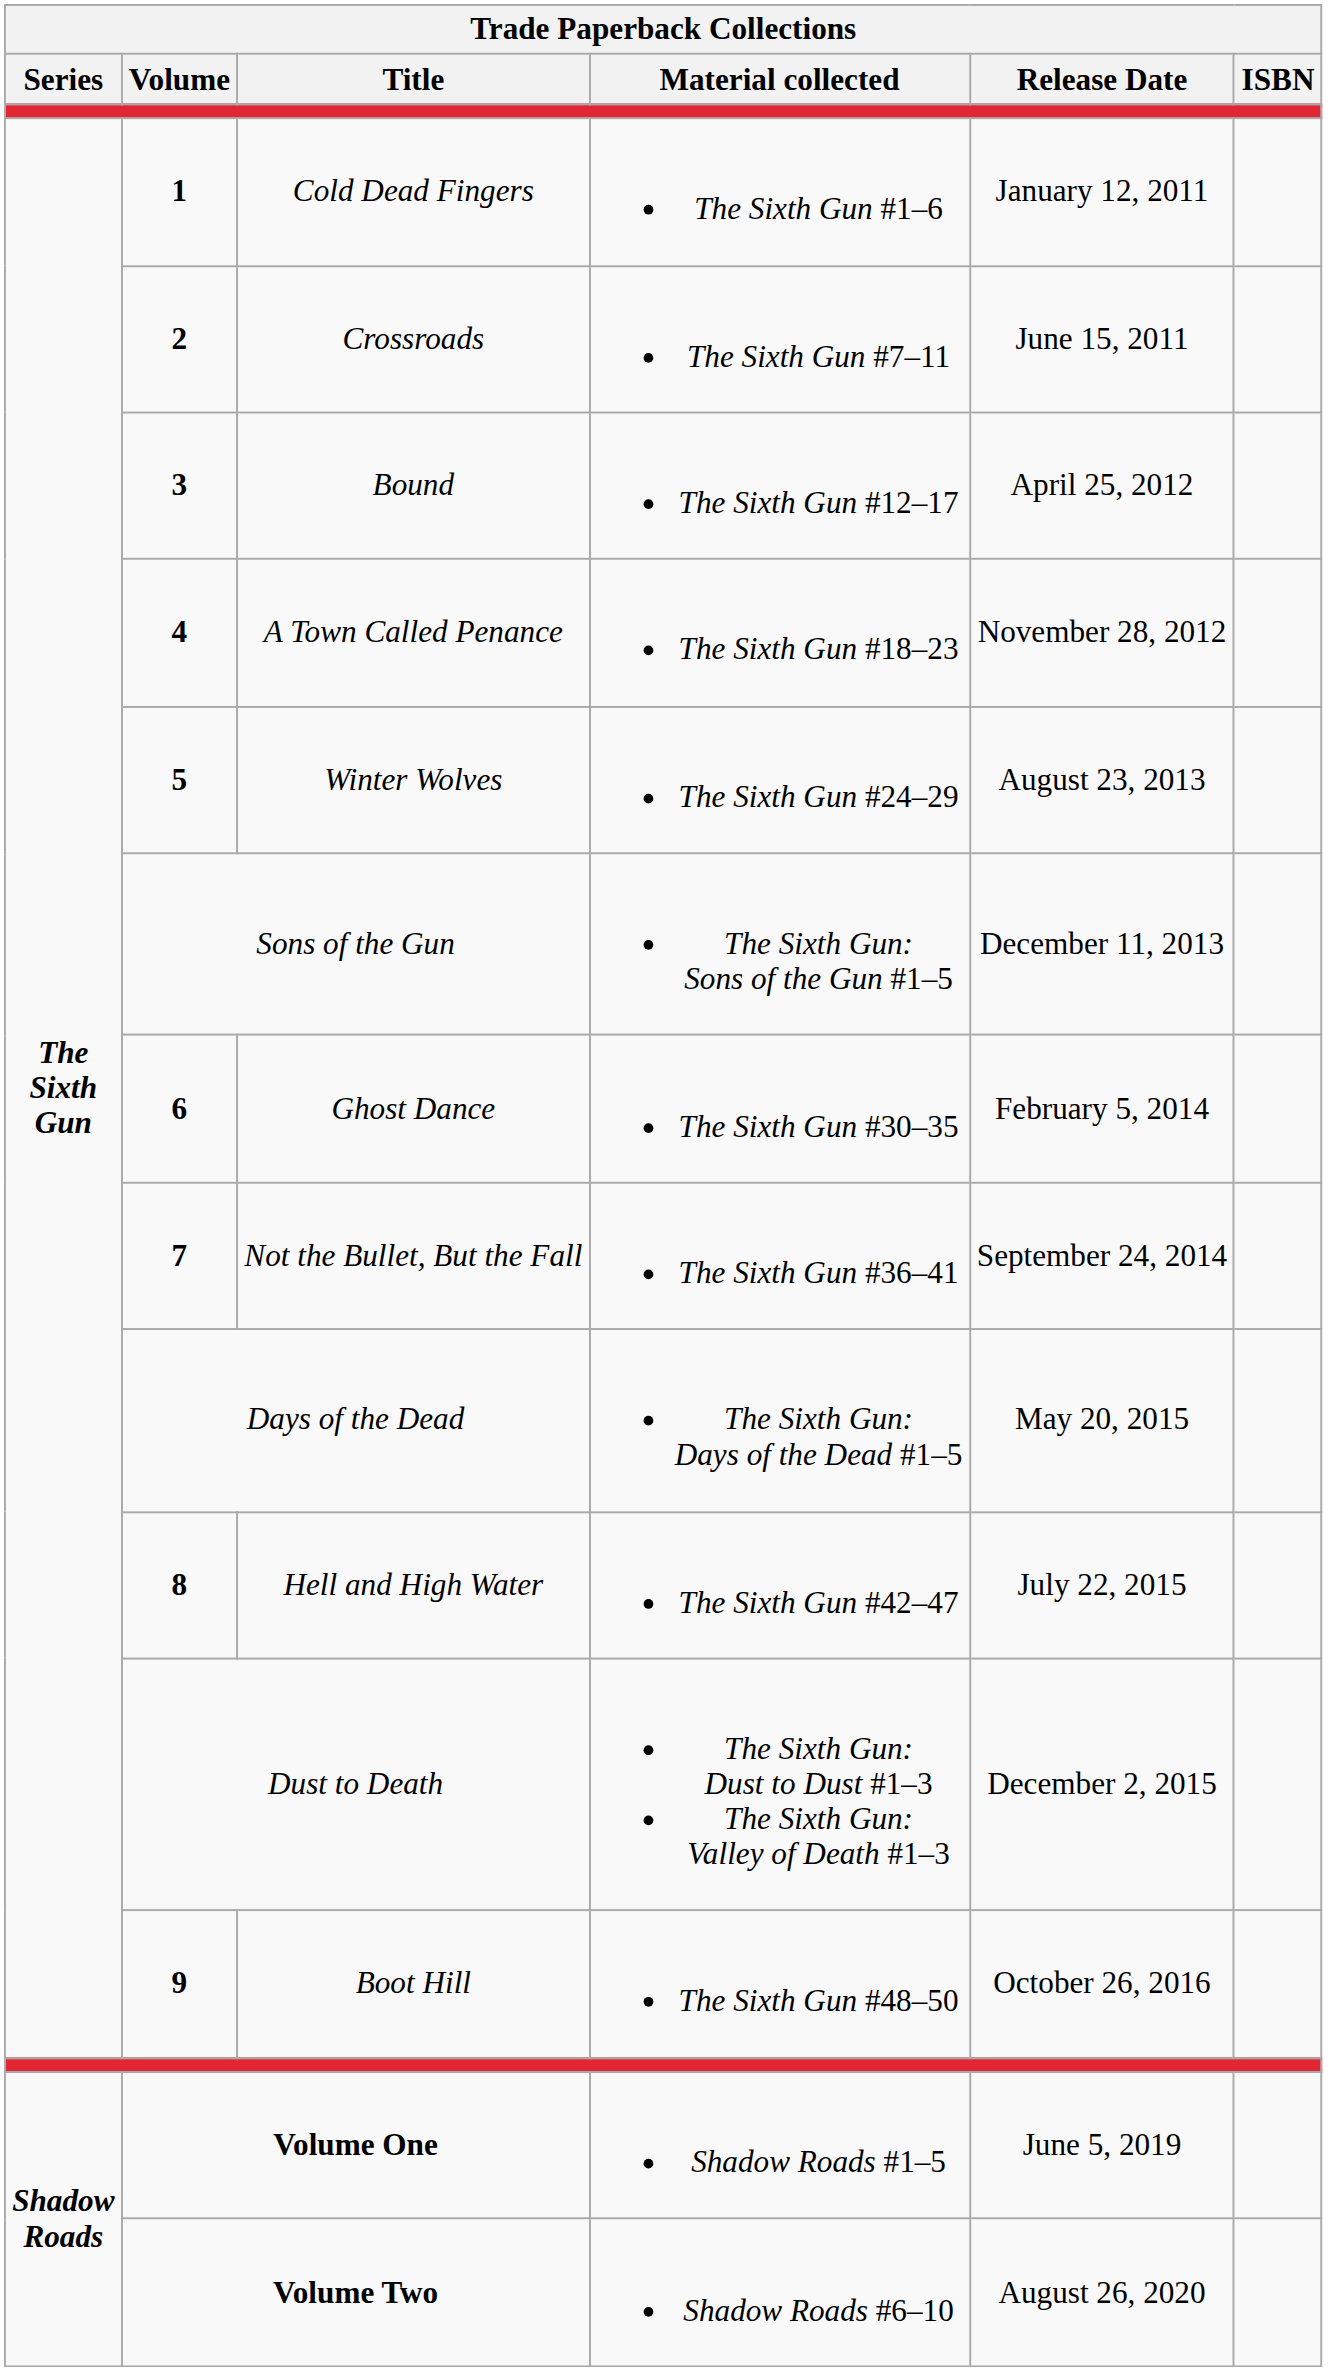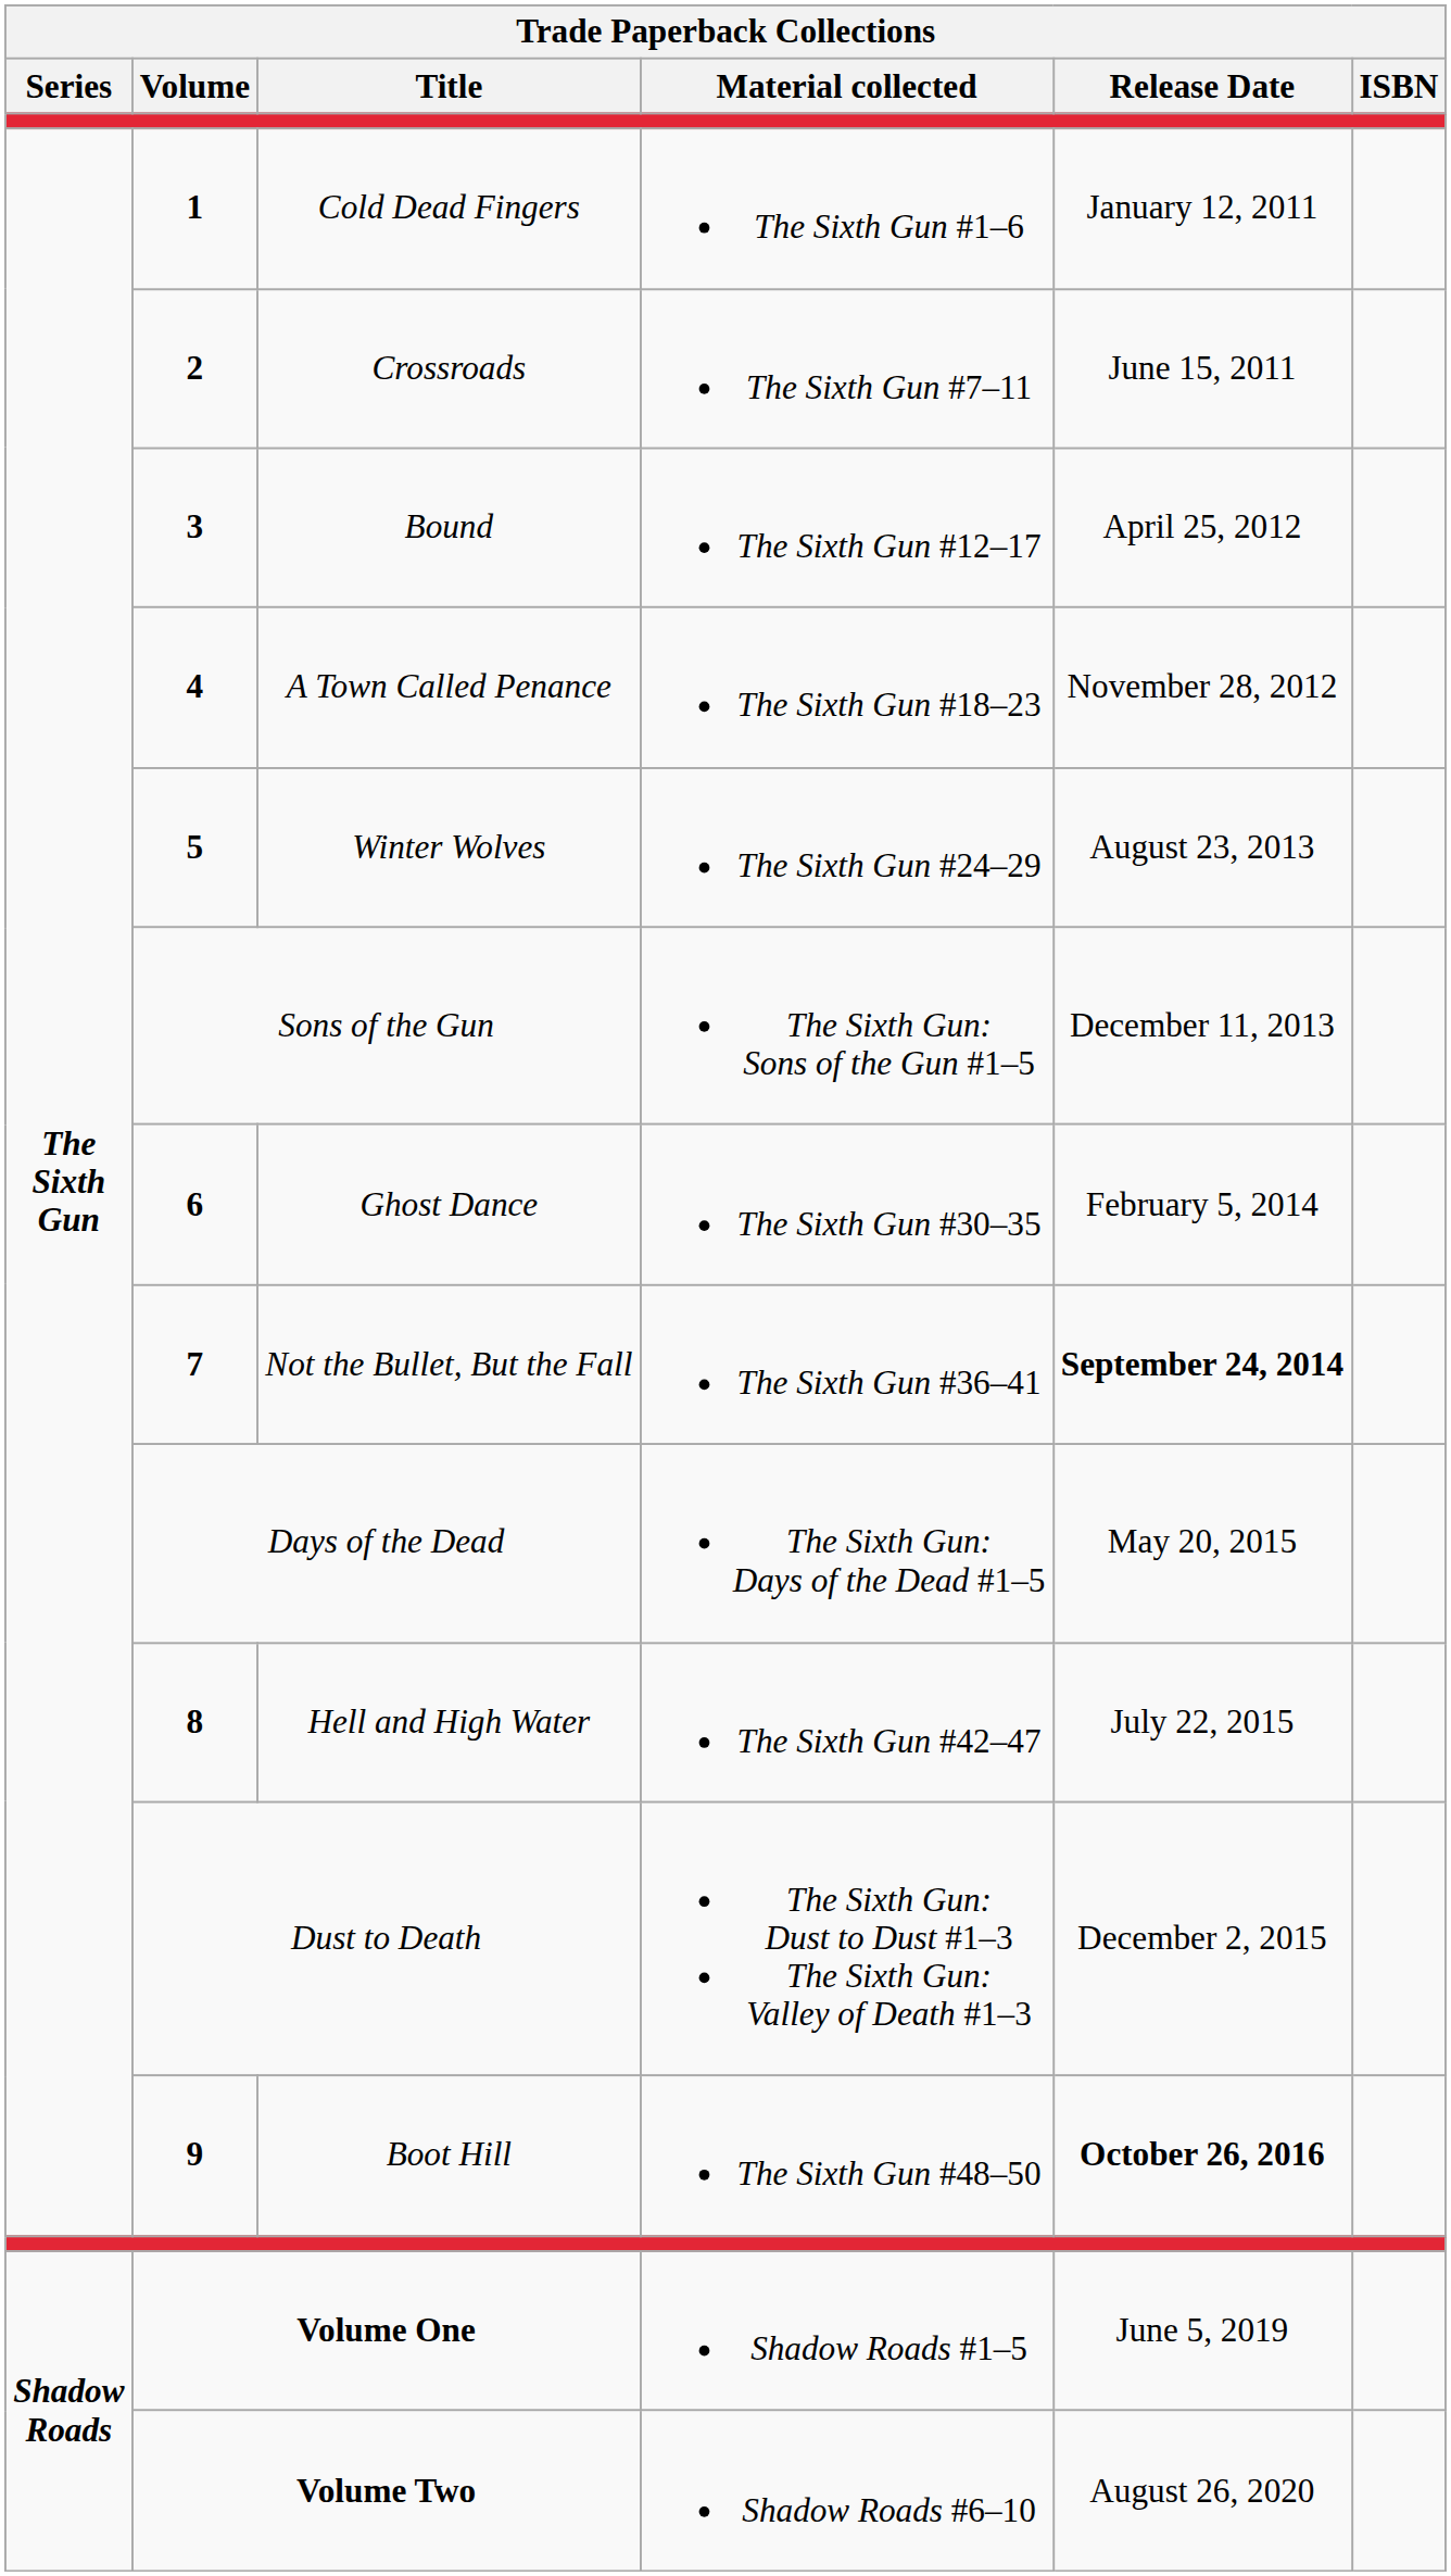 <table class="wikitable mw-collapsible mw-collapsed" style="text-align: center">
 <tr>
 <th colspan=8>Trade Paperback Collections</th>
 </tr>
 <tr>
 <th>Series</th>
 <th>Volume</th>
 <th>Title</th>
 <th>Material collected</th>
 <th>Release Date</th>
 <th>ISBN</th>
 </tr>
 <tr>
 <td colspan=6 style=background:#e32636;></td>
 </tr>
 <tr>
 <td rowspan=12><strong><em>The<br>Sixth<br>Gun</em></strong></td>
 <td><strong>1</strong></td>
 <td><em>Cold Dead Fingers</em></td>
 <td><br><ul><li><em>The Sixth Gun</em> #1–6</li></ul></td>
 <td>January 12, 2011</td>
 <td></td>
 </tr>
 <tr>
 <td><strong>2</strong></td>
 <td><em>Crossroads</em></td>
 <td><br><ul><li><em>The Sixth Gun</em> #7–11</li></ul></td>
 <td>June 15, 2011</td>
 <td></td>
 </tr>
 <tr>
 <td><strong>3</strong></td>
 <td><em>Bound</em></td>
 <td><br><ul><li><em>The Sixth Gun</em> #12–17</li></ul></td>
 <td>April 25, 2012</td>
 <td></td>
 </tr>
 <tr>
 <td><strong>4</strong></td>
 <td><em>A Town Called Penance</em></td>
 <td><br><ul><li><em>The Sixth Gun</em> #18–23</li></ul></td>
 <td>November 28, 2012</td>
 <td></td>
 </tr>
 <tr>
 <td><strong>5</strong></td>
 <td><em>Winter Wolves</em></td>
 <td><br><ul><li><em>The Sixth Gun</em> #24–29</li></ul></td>
 <td>August 23, 2013</td>
 <td></td>
 </tr>
 <tr>
 <td colspan=2><em>Sons of the Gun</em></td>
 <td><br><ul><li><em>The Sixth Gun:<br>Sons of the Gun</em> #1–5</li></ul></td>
 <td>December 11, 2013</td>
 <td></td>
 </tr>
 <tr>
 <td><strong>6</strong></td>
 <td><em>Ghost Dance</em></td>
 <td><br><ul><li><em>The Sixth Gun</em> #30–35</li></ul></td>
 <td>February 5, 2014</td>
 <td></td>
 </tr>
 <tr>
 <td><strong>7</strong></td>
 <td><em>Not the Bullet, But the Fall</em></td>
 <td><br><ul><li><em>The Sixth Gun</em> #36–41</li></ul></td>
-<td>September 24, 2014</td>
+<td><strong>September 24, 2014</strong></td>
 <td></td>
 </tr>
 <tr>
 <td colspan=2><em>Days of the Dead</em></td>
 <td><br><ul><li><em>The Sixth Gun:<br>Days of the Dead</em> #1–5</li></ul></td>
 <td>May 20, 2015</td>
 <td></td>
 </tr>
 <tr>
 <td><strong>8</strong></td>
 <td><em>Hell and High Water</em></td>
 <td><br><ul><li><em>The Sixth Gun</em> #42–47</li></ul></td>
 <td>July 22, 2015</td>
 <td></td>
 </tr>
 <tr>
 <td colspan=2><em>Dust to Death</em></td>
 <td><br><ul><li><em>The Sixth Gun:<br>Dust to Dust</em> #1–3</li><li><em>The Sixth Gun:<br>Valley of Death</em> #1–3</li></ul></td>
 <td>December 2, 2015</td>
 <td></td>
 </tr>
 <tr>
 <td><strong>9</strong></td>
 <td><em>Boot Hill</em></td>
 <td><br><ul><li><em>The Sixth Gun</em> #48–50</li></ul></td>
-<td>October 26, 2016</td>
+<td><strong>October 26, 2016</strong></td>
 <td></td>
 </tr>
 <tr>
 <td colspan=6 style=background:#e32636;></td>
 </tr>
 <tr>
 <td rowspan=2><strong><em>Shadow<br>Roads</em></strong></td>
 <td colspan=2><strong>Volume One</strong></td>
 <td><br><ul><li><em>Shadow Roads</em> #1–5</li></ul></td>
 <td>June 5, 2019</td>
 <td></td>
 </tr>
 <tr>
 <td colspan=2><strong>Volume Two</strong></td>
 <td><br><ul><li><em>Shadow Roads</em> #6–10</li></ul></td>
 <td>August 26, 2020</td>
 <td></td>
 </tr>
 </table>
